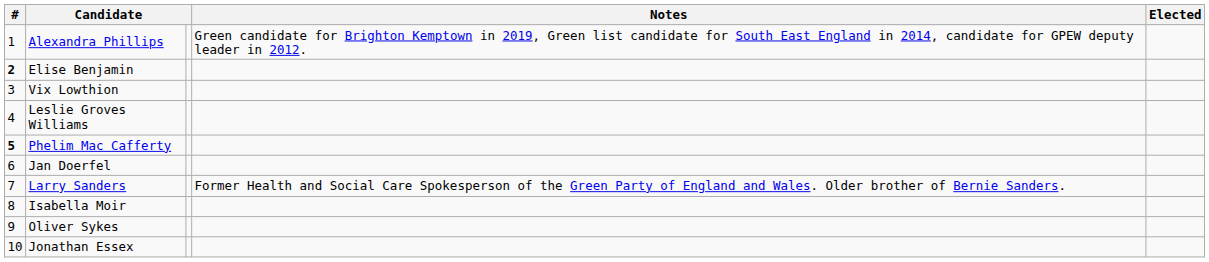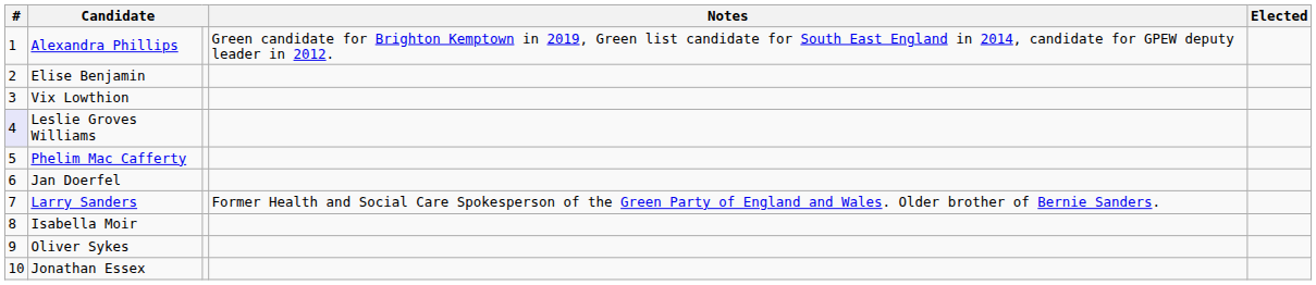 <table class="wikitable">
 <tr>
 <th>#</th>
 <th colspan="2">Candidate</th>
 <th>Notes</th>
 <th>Elected</th>
 </tr>
 <tr>
 <td>1</td>
 <td><a href='#'>Alexandra Phillips</a></td>
 <td></td>
 <td>Green candidate for <a href='#'>Brighton Kemptown</a> in <a href='#'>2019</a>, Green list candidate for <a href='#'>South East England</a> in <a href='#'>2014</a>, candidate for GPEW deputy leader in <a href='#'>2012</a>.</td>
 <td></td>
 </tr>
 <tr>
-<td><strong>2</strong></td>
+<td>2</td>
 <td>Elise Benjamin</td>
 <td></td>
 <td></td>
 <td></td>
 </tr>
 <tr>
 <td>3</td>
 <td>Vix Lowthion</td>
 <td></td>
 <td></td>
 <td></td>
 </tr>
 <tr>
-<td>4</td>
+<td style="background: lavender;">4</td>
 <td>Leslie Groves Williams</td>
 <td></td>
 <td></td>
 <td></td>
 </tr>
 <tr>
-<td><strong>5</strong></td>
+<td>5</td>
 <td><a href='#'>Phelim Mac Cafferty</a></td>
 <td></td>
 <td></td>
 <td></td>
 </tr>
 <tr>
 <td>6</td>
 <td>Jan Doerfel</td>
 <td></td>
 <td></td>
 <td></td>
 </tr>
 <tr>
 <td>7</td>
 <td><a href='#'>Larry Sanders</a></td>
 <td></td>
 <td>Former Health and Social Care Spokesperson of the <a href='#'>Green Party of England and Wales</a>. Older brother of <a href='#'>Bernie Sanders</a>.</td>
 <td></td>
 </tr>
 <tr>
 <td>8</td>
 <td>Isabella Moir</td>
 <td></td>
 <td></td>
 <td></td>
 </tr>
 <tr>
 <td>9</td>
 <td>Oliver Sykes</td>
 <td></td>
 <td></td>
 <td></td>
 </tr>
 <tr>
 <td>10</td>
 <td>Jonathan Essex</td>
 <td></td>
 <td></td>
 <td></td>
 </tr>
 </table>
